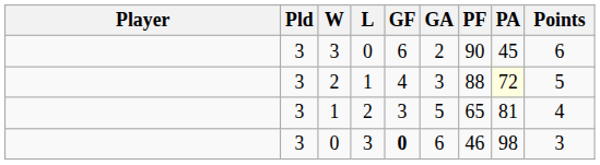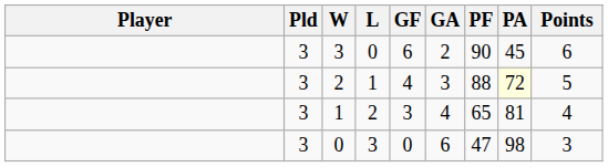 <table class=wikitable style="text-align:center">
 <tr>
 <th width=220>Player</th>
 <th width=20>Pld</th>
 <th width=20>W</th>
 <th width=20>L</th>
 <th width=20>GF</th>
 <th width=20>GA</th>
 <th width=20>PF</th>
 <th width=20>PA</th>
 <th width=50>Points</th>
 </tr>
 <tr>
 <td align=left></td>
 <td>3</td>
 <td>3</td>
 <td>0</td>
 <td>6</td>
 <td>2</td>
 <td>90</td>
 <td>45</td>
 <td>6</td>
 </tr>
 <tr>
 <td align=left></td>
 <td>3</td>
 <td>2</td>
 <td>1</td>
 <td>4</td>
 <td>3</td>
 <td>88</td>
 <td style="background: lightyellow;">72</td>
 <td>5</td>
 </tr>
 <tr>
 <td align=left></td>
 <td>3</td>
 <td>1</td>
 <td>2</td>
 <td>3</td>
-<td>5</td>
+<td>4</td>
 <td>65</td>
 <td>81</td>
 <td>4</td>
 </tr>
 <tr>
 <td align=left></td>
 <td>3</td>
 <td>0</td>
 <td>3</td>
-<td><strong>0</strong></td>
+<td>0</td>
 <td>6</td>
-<td>46</td>
+<td>47</td>
 <td>98</td>
 <td>3</td>
 </tr>
 </table>
